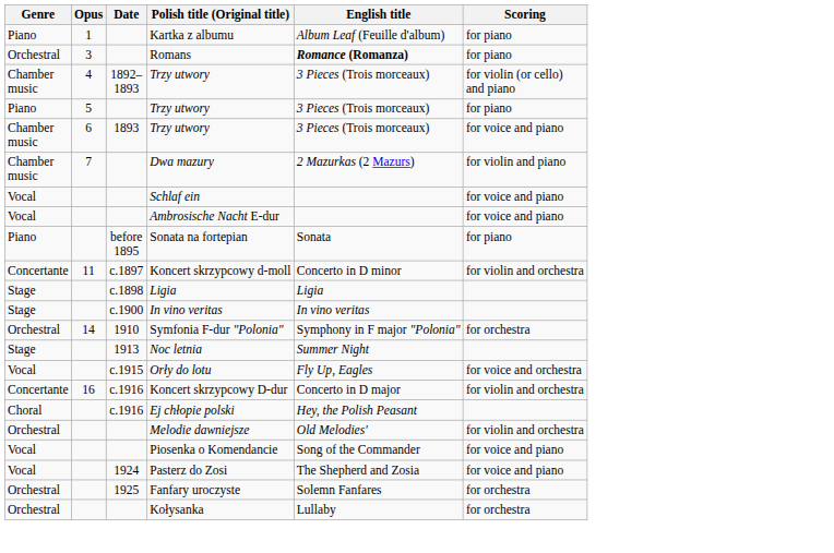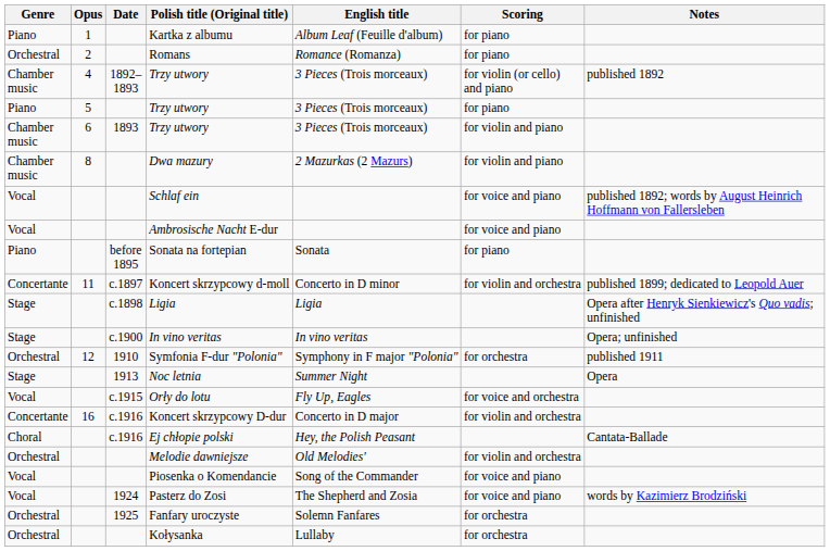 <table class="sortable wikitable" style="margins:auto; width=95%;">
 <tr>
 <th width="75">Genre</th>
 <th width="35">Opus</th>
 <th width="45">Date</th>
 <th width=>Polish title (Original title)</th>
 <th width=>English title</th>
 <th width="150">Scoring</th>
+<th width="300">Notes</th>
 </tr>
 <tr valign="top">
 <td>Piano</td>
 <td align=center>1</td>
 <td align=center></td>
 <td>Kartka z albumu</td>
 <td><em>Album Leaf</em> (Feuille d'album)</td>
 <td>for piano</td>
+<td></td>
 </tr>
 <tr valign="top">
 <td>Orchestral</td>
-<td align=center>3</td>
+<td align=center>2</td>
 <td align=center></td>
 <td>Romans</td>
-<td><strong><em>Romance</em> (Romanza)</strong></td>
+<td><em>Romance</em> (Romanza)</td>
 <td>for piano</td>
+<td></td>
 </tr>
 <tr valign="top">
 <td>Chamber music</td>
 <td align=center>4</td>
 <td align=center>1892–1893</td>
 <td><em>Trzy utwory</em> </td>
 <td><em>3 Pieces</em> (Trois morceaux) </td>
 <td>for violin (or cello) and piano</td>
+<td>published 1892</td>
 </tr>
 <tr valign="top">
 <td>Piano</td>
 <td align=center>5</td>
 <td align=center></td>
 <td><em>Trzy utwory</em> </td>
 <td><em>3 Pieces</em> (Trois morceaux) </td>
 <td>for piano</td>
+<td></td>
 </tr>
 <tr valign="top">
 <td>Chamber music</td>
 <td align=center>6</td>
 <td align=center>1893</td>
 <td><em>Trzy utwory</em> </td>
 <td><em>3 Pieces</em> (Trois morceaux) </td>
-<td>for voice and piano</td>
+<td>for violin and piano</td>
+<td></td>
 </tr>
 <tr valign="top">
 <td>Chamber music</td>
-<td align=center>7</td>
+<td align=center>8</td>
 <td align=center></td>
 <td><em>Dwa mazury</em> </td>
 <td><em>2 Mazurkas</em> (2 <a href='#'>Mazurs</a>) </td>
 <td>for violin and piano</td>
+<td></td>
 </tr>
 <tr valign="top">
 <td>Vocal</td>
 <td align=center></td>
 <td align=center></td>
 <td><em>Schlaf ein</em></td>
 <td></td>
 <td>for voice and piano</td>
+<td>published 1892; words by <a href='#'>August Heinrich Hoffmann von Fallersleben</a></td>
 </tr>
 <tr valign="top">
 <td>Vocal</td>
 <td align=center></td>
 <td align=center></td>
 <td><em>Ambrosische Nacht</em> E-dur</td>
 <td></td>
 <td>for voice and piano</td>
+<td></td>
 </tr>
 <tr valign="top">
 <td>Piano</td>
 <td align=center></td>
 <td align=center>before 1895</td>
 <td>Sonata na fortepian</td>
 <td>Sonata</td>
 <td>for piano</td>
+<td></td>
 </tr>
 <tr valign="top">
 <td>Concertante</td>
 <td align=center>11</td>
 <td align=center>c.1897</td>
 <td>Koncert skrzypcowy d-moll</td>
 <td>Concerto in D minor</td>
 <td>for violin and orchestra</td>
+<td>published 1899; dedicated to <a href='#'>Leopold Auer</a></td>
 </tr>
 <tr valign="top">
 <td>Stage</td>
 <td align=center></td>
 <td align=center>c.1898</td>
 <td><em>Ligia</em></td>
 <td><em>Ligia</em></td>
 <td></td>
+<td>Opera after <a href='#'>Henryk Sienkiewicz</a>'s <em><a href='#'>Quo vadis</a></em>; unfinished</td>
 </tr>
 <tr valign="top">
 <td>Stage</td>
 <td align=center></td>
 <td align=center>c.1900</td>
 <td><em>In vino veritas</em></td>
 <td><em>In vino veritas</em></td>
 <td></td>
+<td>Opera; unfinished</td>
 </tr>
 <tr valign="top">
 <td>Orchestral</td>
-<td align=center>14</td>
+<td align=center>12</td>
 <td align=center>1910</td>
 <td>Symfonia F-dur <em>"Polonia"</em></td>
 <td>Symphony in F major <em>"Polonia"</em></td>
 <td>for orchestra</td>
+<td>published 1911</td>
 </tr>
 <tr valign="top">
 <td>Stage</td>
 <td align=center></td>
 <td align=center>1913</td>
 <td><em>Noc letnia</em></td>
 <td><em>Summer Night</em></td>
 <td></td>
+<td>Opera</td>
 </tr>
 <tr valign="top">
 <td>Vocal</td>
 <td align=center></td>
 <td align=center>c.1915</td>
 <td><em>Orły do lotu</em></td>
 <td><em>Fly Up, Eagles</em></td>
 <td>for voice and orchestra</td>
+<td></td>
 </tr>
 <tr valign="top">
 <td>Concertante</td>
 <td align=center>16</td>
 <td align=center>c.1916</td>
 <td>Koncert skrzypcowy D-dur</td>
 <td>Concerto in D major</td>
 <td>for violin and orchestra</td>
+<td></td>
 </tr>
 <tr valign="top">
 <td>Choral</td>
 <td align=center></td>
 <td align=center>c.1916</td>
 <td><em>Ej chłopie polski</em></td>
 <td><em>Hey, the Polish Peasant</em></td>
 <td></td>
+<td>Cantata-Ballade</td>
 </tr>
 <tr valign="top">
 <td>Orchestral</td>
 <td align=center></td>
 <td align=center></td>
 <td><em>Melodie dawniejsze</em></td>
 <td><em>Old Melodies'</td>
 <td>for violin and orchestra</td>
+<td></td>
 </tr>
 <tr valign="top">
 <td>Vocal</td>
 <td align=center></td>
 <td align=center></td>
 <td></em>Piosenka o Komendancie<em></td>
 <td></em>Song of the Commander<em></td>
 <td>for voice and piano</td>
+<td></td>
 </tr>
 <tr valign="top">
 <td>Vocal</td>
 <td align=center></td>
 <td align=center>1924</td>
 <td></em>Pasterz do Zosi<em></td>
 <td></em>The Shepherd and Zosia<em></td>
 <td>for voice and piano</td>
+<td>words by <a href='#'>Kazimierz Brodziński</a></td>
 </tr>
 <tr valign="top">
 <td>Orchestral</td>
 <td align=center></td>
 <td align=center>1925</td>
 <td></em>Fanfary uroczyste<em></td>
 <td></em>Solemn Fanfares<em></td>
 <td>for orchestra</td>
+<td></td>
 </tr>
 <tr valign="top">
 <td>Orchestral</td>
 <td align=center></td>
 <td align=center></td>
 <td></em>Kołysanka<em></td>
 <td></em>Lullaby<em></td>
 <td>for orchestra</td>
+<td></td>
 </tr>
 </table>
